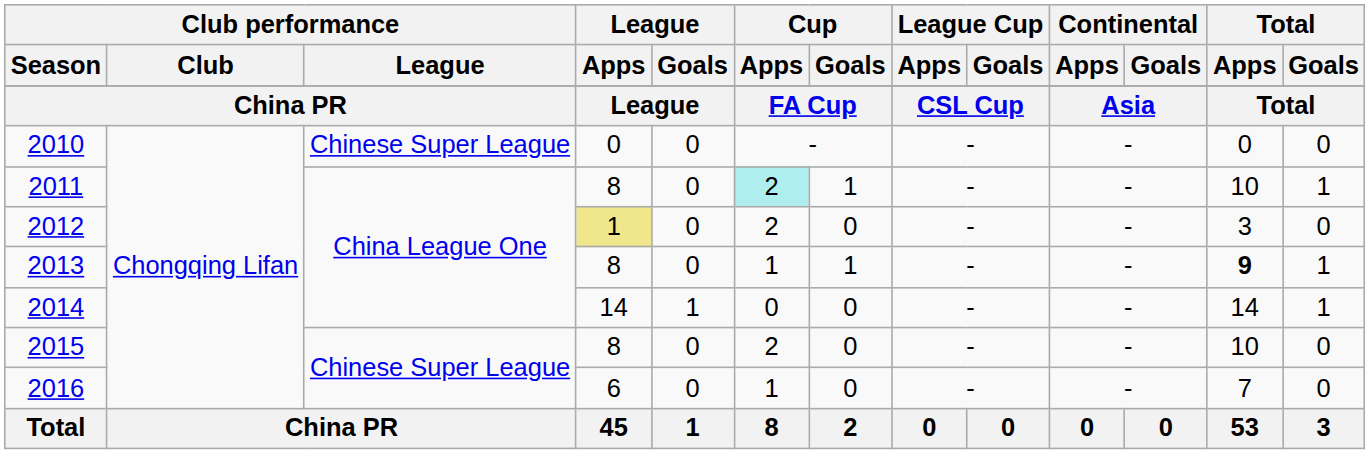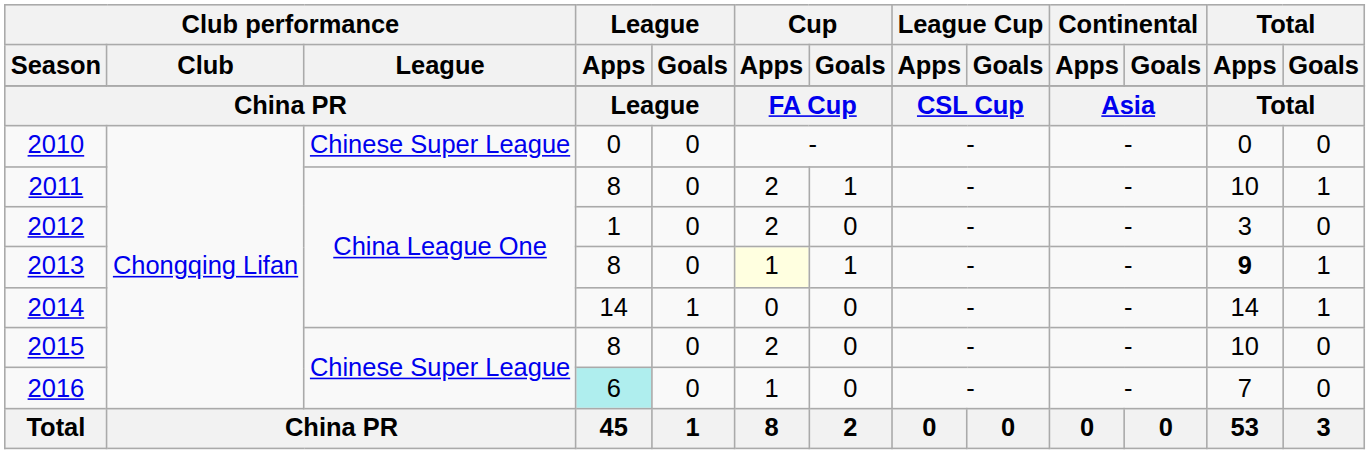 <table class="wikitable" style="text-align:center">
 <tr>
 <th colspan=3>Club performance</th>
 <th colspan=2>League</th>
 <th colspan=2>Cup</th>
 <th colspan=2>League Cup</th>
 <th colspan=2>Continental</th>
 <th colspan=2>Total</th>
 </tr>
 <tr>
 <th>Season</th>
 <th>Club</th>
 <th>League</th>
 <th>Apps</th>
 <th>Goals</th>
 <th>Apps</th>
 <th>Goals</th>
 <th>Apps</th>
 <th>Goals</th>
 <th>Apps</th>
 <th>Goals</th>
 <th>Apps</th>
 <th>Goals</th>
 </tr>
 <tr>
 </tr>
 <tr>
 <th colspan=3>China PR</th>
 <th colspan=2>League</th>
 <th colspan=2><a href='#'>FA Cup</a></th>
 <th colspan=2><a href='#'>CSL Cup</a></th>
 <th colspan=2><a href='#'>Asia</a></th>
 <th colspan=2>Total</th>
 </tr>
 <tr>
 <td><a href='#'>2010</a></td>
 <td rowspan="7"><a href='#'>Chongqing Lifan</a></td>
 <td rowspan="1"><a href='#'>Chinese Super League</a></td>
 <td>0</td>
 <td>0</td>
 <td colspan="2">-</td>
 <td colspan="2">-</td>
 <td colspan="2">-</td>
 <td>0</td>
 <td>0</td>
 </tr>
 <tr>
 <td><a href='#'>2011</a></td>
 <td rowspan="4"><a href='#'>China League One</a></td>
 <td>8</td>
 <td>0</td>
-<td style="background: paleturquoise;">2</td>
+<td>2</td>
 <td>1</td>
 <td colspan="2">-</td>
 <td colspan="2">-</td>
 <td>10</td>
 <td>1</td>
 </tr>
 <tr>
 <td><a href='#'>2012</a></td>
-<td style="background: khaki;">1</td>
+<td>1</td>
 <td>0</td>
 <td>2</td>
 <td>0</td>
 <td colspan="2">-</td>
 <td colspan="2">-</td>
 <td>3</td>
 <td>0</td>
 </tr>
 <tr>
 <td><a href='#'>2013</a></td>
 <td>8</td>
 <td>0</td>
-<td>1</td>
+<td style="background: lightyellow;">1</td>
 <td>1</td>
 <td colspan="2">-</td>
 <td colspan="2">-</td>
 <td><strong>9</strong></td>
 <td>1</td>
 </tr>
 <tr>
 <td><a href='#'>2014</a></td>
 <td>14</td>
 <td>1</td>
 <td>0</td>
 <td>0</td>
 <td colspan="2">-</td>
 <td colspan="2">-</td>
 <td>14</td>
 <td>1</td>
 </tr>
 <tr>
 <td><a href='#'>2015</a></td>
 <td rowspan="2"><a href='#'>Chinese Super League</a></td>
 <td>8</td>
 <td>0</td>
 <td>2</td>
 <td>0</td>
 <td colspan="2">-</td>
 <td colspan="2">-</td>
 <td>10</td>
 <td>0</td>
 </tr>
 <tr>
 <td><a href='#'>2016</a></td>
-<td>6</td>
+<td style="background: paleturquoise;">6</td>
 <td>0</td>
 <td>1</td>
 <td>0</td>
 <td colspan="2">-</td>
 <td colspan="2">-</td>
 <td>7</td>
 <td>0</td>
 </tr>
 <tr>
 <th rowspan=3>Total</th>
 <th colspan=2>China PR</th>
 <th>45</th>
 <th>1</th>
 <th>8</th>
 <th>2</th>
 <th>0</th>
 <th>0</th>
 <th>0</th>
 <th>0</th>
 <th>53</th>
 <th>3</th>
 </tr>
 </table>
